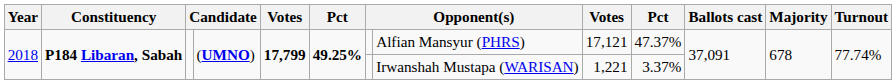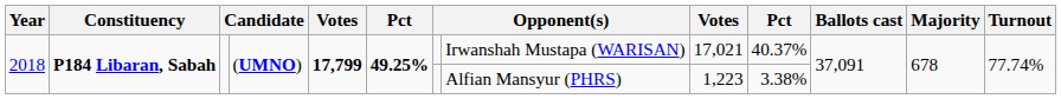 <table class="wikitable" style="margin:0.5em ; font-size:95%">
 <tr>
 <th>Year</th>
 <th>Constituency</th>
 <th colspan=2>Candidate</th>
 <th>Votes</th>
 <th>Pct</th>
 <th colspan=2>Opponent(s)</th>
 <th>Votes</th>
 <th>Pct</th>
 <th>Ballots cast</th>
 <th>Majority</th>
 <th>Turnout</th>
 </tr>
 <tr>
 <td rowspan=2><a href='#'>2018</a></td>
 <td rowspan=2><strong>P184 <a href='#'>Libaran</a>, Sabah</strong></td>
 <td rowspan=2 ></td>
 <td rowspan=2> (<a href='#'><strong>UMNO</strong></a>)</td>
 <td rowspan=2 align="right"><strong>17,799</strong></td>
 <td rowspan=2><strong>49.25%</strong></td>
 <td></td>
-<td>Alfian Mansyur (<a href='#'>PHRS</a>)</td>
-<td align="right">17,121</td>
-<td>47.37%</td>
+<td>Irwanshah Mustapa (<a href='#'>WARISAN</a>)</td>
+<td align="right">17,021</td>
+<td>40.37%</td>
 <td rowspan=2>37,091</td>
 <td rowspan=2>678</td>
 <td rowspan=2>77.74%</td>
 </tr>
 <tr>
 <td></td>
-<td>Irwanshah Mustapa (<a href='#'>WARISAN</a>)</td>
-<td align="right">1,221</td>
-<td align="right">3.37%</td>
+<td>Alfian Mansyur (<a href='#'>PHRS</a>)</td>
+<td align="right">1,223</td>
+<td align="right">3.38%</td>
 </tr>
 <tr>
 </tr>
 </table>
